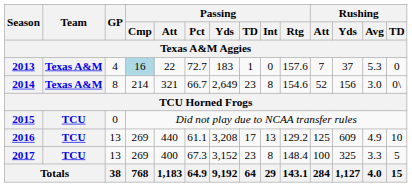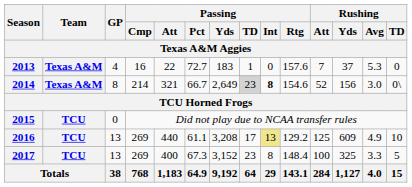 <table class="wikitable" style="text-align:center;">
 <tr>
 <th rowspan="2">Season</th>
 <th rowspan="2">Team</th>
 <th rowspan="2">GP</th>
 <th colspan="7">Passing</th>
 <th colspan="4">Rushing</th>
 </tr>
 <tr>
 <th>Cmp</th>
 <th>Att</th>
 <th>Pct</th>
 <th>Yds</th>
 <th>TD</th>
 <th>Int</th>
 <th>Rtg</th>
 <th>Att</th>
 <th>Yds</th>
 <th>Avg</th>
 <th>TD</th>
 </tr>
 <tr>
 <th colspan="17">Texas A&M Aggies</th>
 </tr>
 <tr>
 <th><a href='#'>2013</a></th>
 <th><a href='#'>Texas A&M</a></th>
 <td>4</td>
-<td style="background: lightblue;">16</td>
+<td>16</td>
 <td>22</td>
 <td>72.7</td>
 <td>183</td>
 <td>1</td>
 <td>0</td>
 <td>157.6</td>
 <td>7</td>
 <td>37</td>
 <td>5.3</td>
 <td>0</td>
 </tr>
 <tr>
 <th><a href='#'>2014</a></th>
 <th><a href='#'>Texas A&M</a></th>
 <td>8</td>
 <td>214</td>
 <td>321</td>
 <td>66.7</td>
 <td>2,649</td>
-<td>23</td>
-<td>8</td>
+<td style="background: lightgrey;">23</td>
+<td><strong>8</strong></td>
 <td>154.6</td>
 <td>52</td>
 <td>156</td>
 <td>3.0</td>
 <td>0\</td>
 </tr>
 <tr>
 <th colspan="17">TCU Horned Frogs</th>
 </tr>
 <tr>
 <th><a href='#'>2015</a></th>
 <th><a href='#'>TCU</a></th>
 <td>0</td>
 <td colspan="11"><em>Did not play due to NCAA transfer rules</em></td>
 </tr>
 <tr>
 <th><a href='#'>2016</a></th>
 <th><a href='#'>TCU</a></th>
 <td>13</td>
 <td>269</td>
 <td>440</td>
 <td>61.1</td>
 <td>3,208</td>
 <td>17</td>
-<td>13</td>
+<td style="background: khaki;">13</td>
 <td>129.2</td>
 <td>125</td>
 <td>609</td>
 <td>4.9</td>
 <td>10</td>
 </tr>
 <tr>
 <th><a href='#'>2017</a></th>
 <th><a href='#'>TCU</a></th>
 <td>13</td>
 <td>269</td>
 <td>400</td>
 <td>67.3</td>
 <td>3,152</td>
 <td>23</td>
 <td>8</td>
 <td>148.4</td>
 <td>100</td>
 <td>325</td>
 <td>3.3</td>
 <td>5</td>
 </tr>
 <tr>
 <th colspan="2">Totals</th>
 <th>38</th>
 <th>768</th>
 <th>1,183</th>
 <th>64.9</th>
 <th>9,192</th>
 <th>64</th>
 <th>29</th>
 <th>143.1</th>
 <th>284</th>
 <th>1,127</th>
 <th>4.0</th>
 <th>15</th>
 </tr>
 </table>
